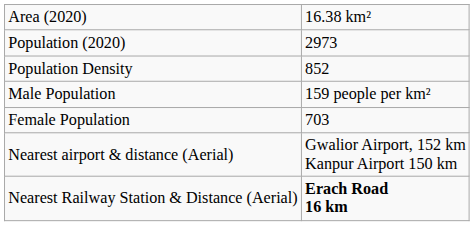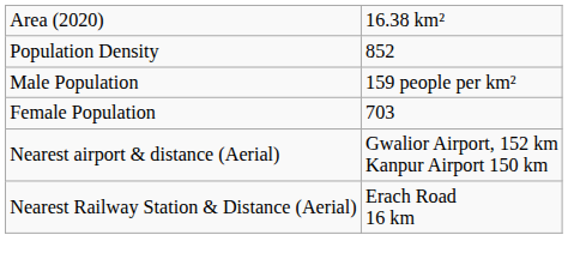 <table class="wikitable">
 <tr>
 <td>Area (2020)</td>
 <td>16.38 km²</td>
-</tr>
-<tr>
-<td>Population (2020)</td>
-<td>2973</td>
 </tr>
 <tr>
 <td>Population Density</td>
 <td>852</td>
 </tr>
 <tr>
 <td>Male Population</td>
 <td>159 people per km²</td>
 </tr>
 <tr>
 <td>Female Population</td>
 <td>703</td>
 </tr>
 <tr>
 <td>Nearest airport & distance (Aerial)</td>
 <td>Gwalior Airport, 152 km<br>Kanpur Airport 150 km</td>
 </tr>
 <tr>
 <td>Nearest Railway Station & Distance (Aerial)</td>
-<td><strong>Erach Road<br>16 km</strong></td>
+<td>Erach Road<br>16 km</td>
 </tr>
 </table>
